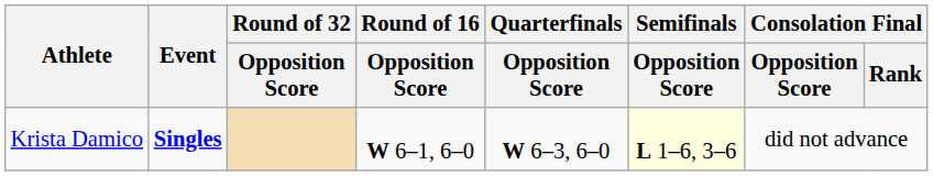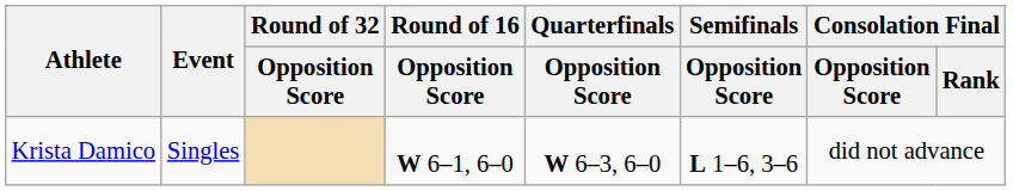 <table class="wikitable" border="1" style="font-size:90%">
 <tr>
 <th rowspan=2>Athlete</th>
 <th rowspan=2>Event</th>
 <th>Round of 32</th>
 <th>Round of 16</th>
 <th>Quarterfinals</th>
 <th>Semifinals</th>
 <th colspan=2>Consolation Final</th>
 </tr>
 <tr>
 <th>Opposition<br>Score</th>
 <th>Opposition<br>Score</th>
 <th>Opposition<br>Score</th>
 <th>Opposition<br>Score</th>
 <th>Opposition<br>Score</th>
 <th>Rank</th>
 </tr>
 <tr>
 <td><a href='#'>Krista Damico</a></td>
-<td><strong><a href='#'>Singles</a></strong></td>
+<td><a href='#'>Singles</a></td>
 <td align=center bgcolor=wheat></td>
 <td align=center><br> <strong>W</strong> 6–1, 6–0</td>
 <td align=center><br> <strong>W</strong> 6–3, 6–0</td>
-<td align=center style="background: lightyellow;"><br><strong>L</strong> 1–6, 3–6</td>
+<td align=center><br><strong>L</strong> 1–6, 3–6</td>
 <td align=center colspan=2>did not advance</td>
 </tr>
 </table>
